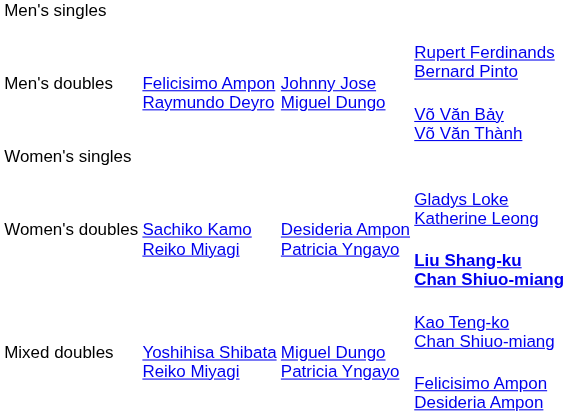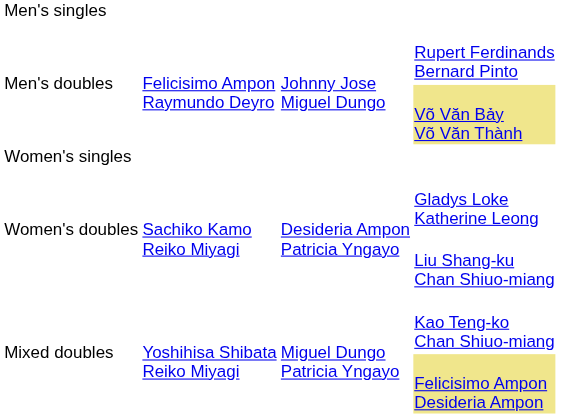 <table>
 <tr>
 <td rowspan=2>Men's singles<br></td>
 <td rowspan=2></td>
 <td rowspan=2></td>
 <td></td>
 </tr>
 <tr>
 <td></td>
 </tr>
 <tr>
 <td rowspan=2>Men's doubles<br></td>
 <td rowspan=2><br><a href='#'>Felicisimo Ampon</a><br><a href='#'>Raymundo Deyro</a></td>
 <td rowspan=2><br><a href='#'>Johnny Jose</a><br><a href='#'>Miguel Dungo</a></td>
 <td><br><a href='#'>Rupert Ferdinands</a><br><a href='#'>Bernard Pinto</a></td>
 </tr>
 <tr>
-<td><br><a href='#'>Võ Văn Bảy</a><br><a href='#'>Võ Văn Thành</a></td>
+<td style="background: khaki;"><br><a href='#'>Võ Văn Bảy</a><br><a href='#'>Võ Văn Thành</a></td>
 </tr>
 <tr>
 <td rowspan=2>Women's singles<br></td>
 <td rowspan=2></td>
 <td rowspan=2></td>
 <td></td>
 </tr>
 <tr>
 <td></td>
 </tr>
 <tr>
 <td rowspan=2>Women's doubles<br></td>
 <td rowspan=2><br><a href='#'>Sachiko Kamo</a><br><a href='#'>Reiko Miyagi</a></td>
 <td rowspan=2><br><a href='#'>Desideria Ampon</a><br><a href='#'>Patricia Yngayo</a></td>
 <td><br><a href='#'>Gladys Loke</a><br><a href='#'>Katherine Leong</a></td>
 </tr>
 <tr>
-<td><strong><br><a href='#'>Liu Shang-ku</a><br><a href='#'>Chan Shiuo-miang</a></strong></td>
+<td><br><a href='#'>Liu Shang-ku</a><br><a href='#'>Chan Shiuo-miang</a></td>
 </tr>
 <tr>
 <td rowspan=2>Mixed doubles<br></td>
 <td rowspan=2><br><a href='#'>Yoshihisa Shibata</a><br><a href='#'>Reiko Miyagi</a></td>
 <td rowspan=2><br><a href='#'>Miguel Dungo</a><br><a href='#'>Patricia Yngayo</a></td>
 <td><br><a href='#'>Kao Teng-ko</a><br><a href='#'>Chan Shiuo-miang</a></td>
 </tr>
 <tr>
-<td><br><a href='#'>Felicisimo Ampon</a><br><a href='#'>Desideria Ampon</a></td>
+<td style="background: khaki;"><br><a href='#'>Felicisimo Ampon</a><br><a href='#'>Desideria Ampon</a></td>
 </tr>
 </table>
